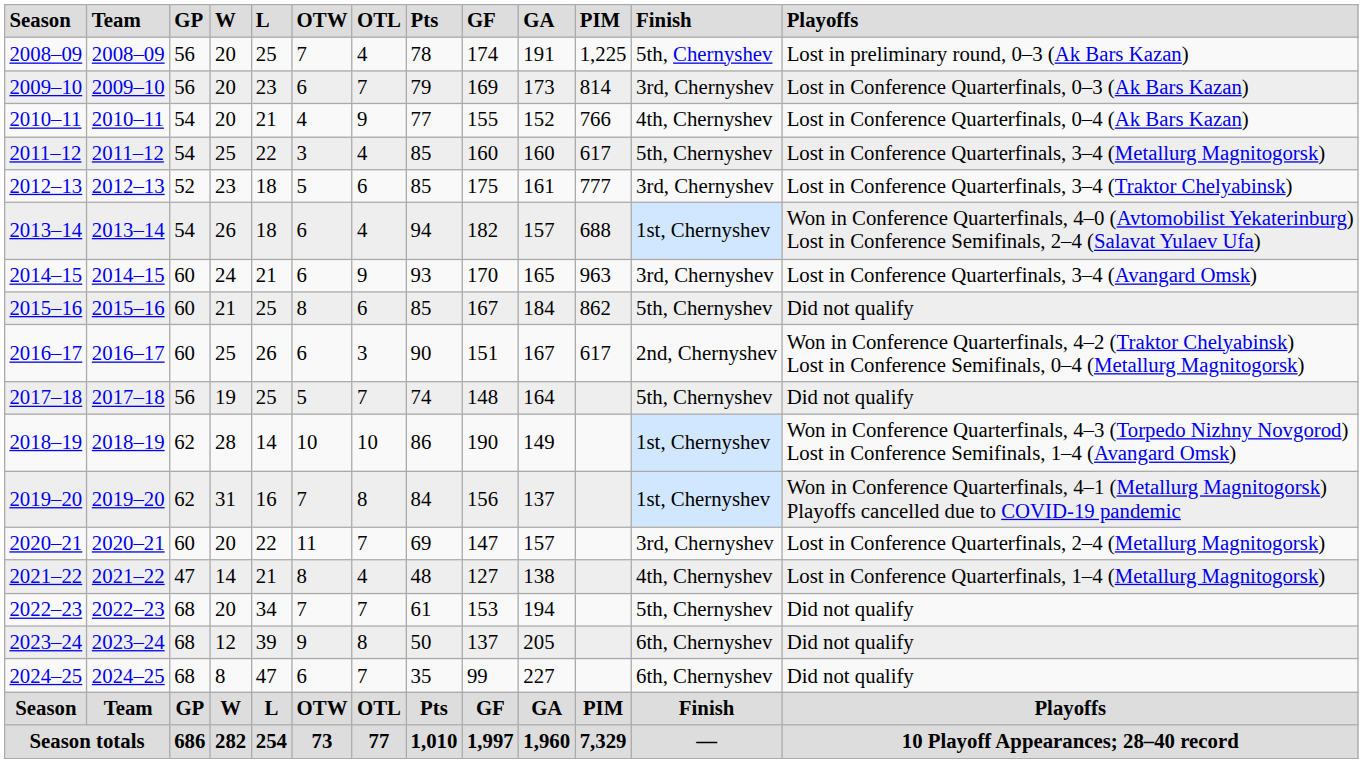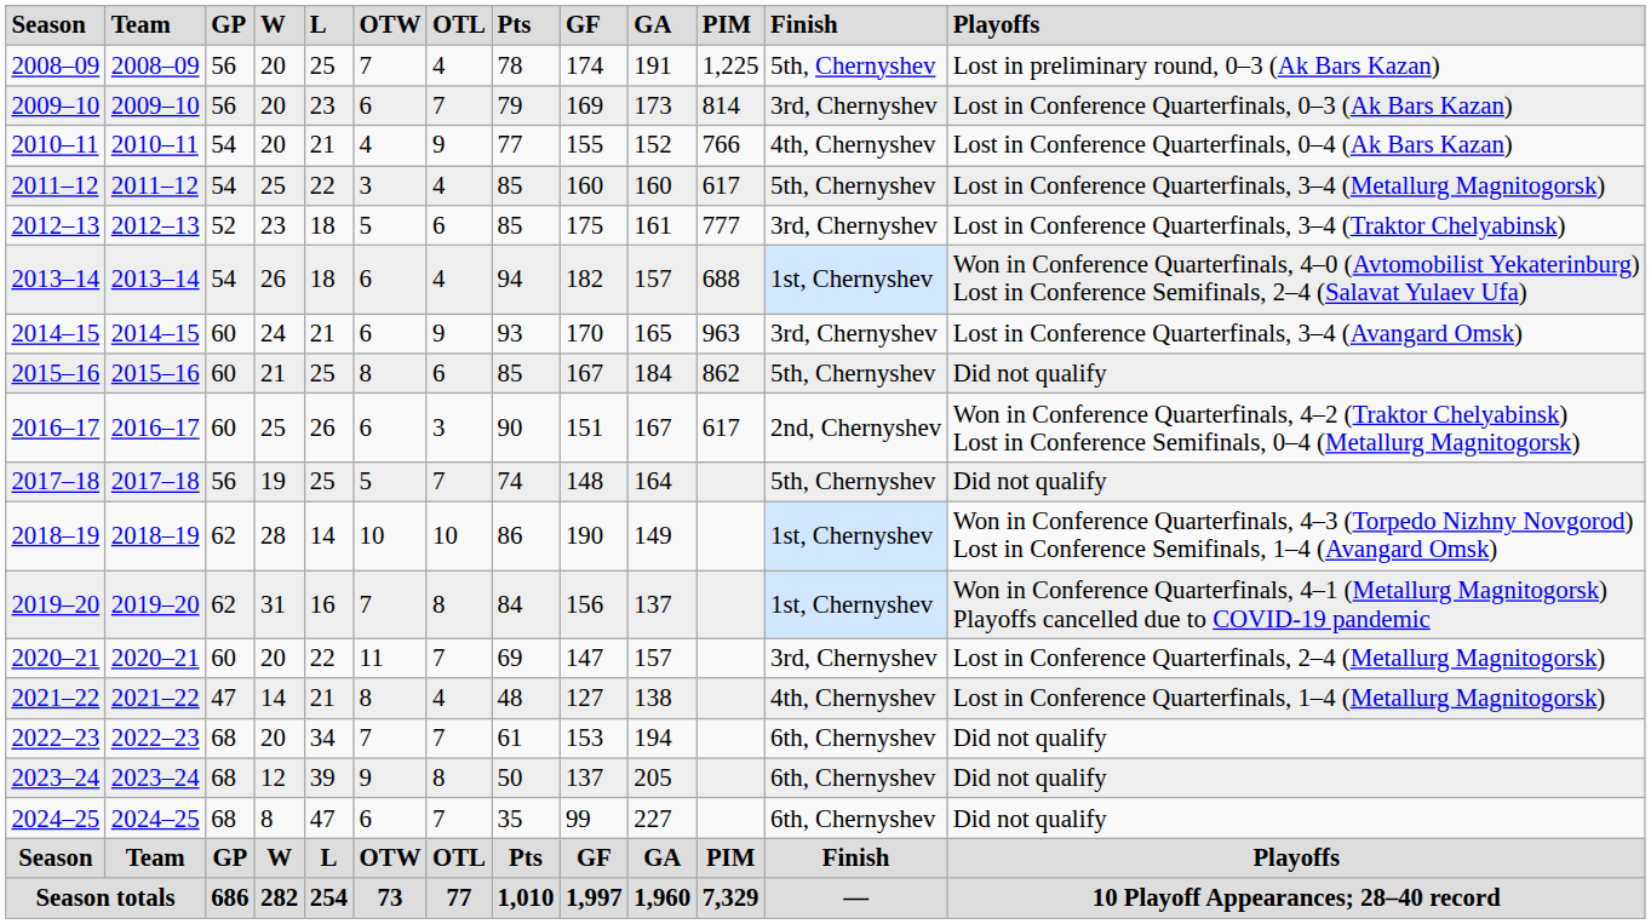 <table class="wikitable">
 <tr style="font-weight:bold; background-color:#dddddd;" |>
 <td><strong>Season</strong></td>
 <td><strong>Team</strong></td>
 <td><strong>GP</strong></td>
 <td><strong>W</strong></td>
 <td><strong>L</strong></td>
 <td><strong>OTW</strong></td>
 <td><strong>OTL</strong></td>
 <td><strong>Pts</strong></td>
 <td><strong>GF</strong></td>
 <td><strong>GA</strong></td>
 <td><strong>PIM</strong></td>
 <td><strong>Finish</strong></td>
 <td><strong>Playoffs</strong></td>
 </tr>
 <tr>
 <td><a href='#'>2008–09</a></td>
 <td><a href='#'>2008–09</a></td>
 <td>56</td>
 <td>20</td>
 <td>25</td>
 <td>7</td>
 <td>4</td>
 <td>78</td>
 <td>174</td>
 <td>191</td>
 <td>1,225</td>
 <td>5th, <a href='#'>Chernyshev</a></td>
 <td>Lost in preliminary round, 0–3 (<a href='#'>Ak Bars Kazan</a>)</td>
 </tr>
 <tr bgcolor="#eeeeee">
 <td><a href='#'>2009–10</a></td>
 <td><a href='#'>2009–10</a></td>
 <td>56</td>
 <td>20</td>
 <td>23</td>
 <td>6</td>
 <td>7</td>
 <td>79</td>
 <td>169</td>
 <td>173</td>
 <td>814</td>
 <td>3rd, Chernyshev</td>
 <td>Lost in Conference Quarterfinals, 0–3 (<a href='#'>Ak Bars Kazan</a>)</td>
 </tr>
 <tr>
 <td><a href='#'>2010–11</a></td>
 <td><a href='#'>2010–11</a></td>
 <td>54</td>
 <td>20</td>
 <td>21</td>
 <td>4</td>
 <td>9</td>
 <td>77</td>
 <td>155</td>
 <td>152</td>
 <td>766</td>
 <td>4th, Chernyshev</td>
 <td>Lost in Conference Quarterfinals, 0–4 (<a href='#'>Ak Bars Kazan</a>)</td>
 </tr>
 <tr bgcolor="#eeeeee">
 <td><a href='#'>2011–12</a></td>
 <td><a href='#'>2011–12</a></td>
 <td>54</td>
 <td>25</td>
 <td>22</td>
 <td>3</td>
 <td>4</td>
 <td>85</td>
 <td>160</td>
 <td>160</td>
 <td>617</td>
 <td>5th, Chernyshev</td>
 <td>Lost in Conference Quarterfinals, 3–4 (<a href='#'>Metallurg Magnitogorsk</a>)</td>
 </tr>
 <tr>
 <td><a href='#'>2012–13</a></td>
 <td><a href='#'>2012–13</a></td>
 <td>52</td>
 <td>23</td>
 <td>18</td>
 <td>5</td>
 <td>6</td>
 <td>85</td>
 <td>175</td>
 <td>161</td>
 <td>777</td>
 <td>3rd, Chernyshev</td>
 <td>Lost in Conference Quarterfinals, 3–4 (<a href='#'>Traktor Chelyabinsk</a>)</td>
 </tr>
 <tr bgcolor="#eeeeee">
 <td><a href='#'>2013–14</a></td>
 <td><a href='#'>2013–14</a></td>
 <td>54</td>
 <td>26</td>
 <td>18</td>
 <td>6</td>
 <td>4</td>
 <td>94</td>
 <td>182</td>
 <td>157</td>
 <td>688</td>
 <td style="background: #d0e7ff;">1st, Chernyshev</td>
 <td>Won in Conference Quarterfinals, 4–0 (<a href='#'>Avtomobilist Yekaterinburg</a>)<br>Lost in Conference Semifinals, 2–4 (<a href='#'>Salavat Yulaev Ufa</a>)</td>
 </tr>
 <tr>
 <td><a href='#'>2014–15</a></td>
 <td><a href='#'>2014–15</a></td>
 <td>60</td>
 <td>24</td>
 <td>21</td>
 <td>6</td>
 <td>9</td>
 <td>93</td>
 <td>170</td>
 <td>165</td>
 <td>963</td>
 <td>3rd, Chernyshev</td>
 <td>Lost in Conference Quarterfinals, 3–4 (<a href='#'>Avangard Omsk</a>)</td>
 </tr>
 <tr bgcolor="#eeeeee">
 <td><a href='#'>2015–16</a></td>
 <td><a href='#'>2015–16</a></td>
 <td>60</td>
 <td>21</td>
 <td>25</td>
 <td>8</td>
 <td>6</td>
 <td>85</td>
 <td>167</td>
 <td>184</td>
 <td>862</td>
 <td>5th, Chernyshev</td>
 <td>Did not qualify</td>
 </tr>
 <tr>
 <td><a href='#'>2016–17</a></td>
 <td><a href='#'>2016–17</a></td>
 <td>60</td>
 <td>25</td>
 <td>26</td>
 <td>6</td>
 <td>3</td>
 <td>90</td>
 <td>151</td>
 <td>167</td>
 <td>617</td>
 <td>2nd, Chernyshev</td>
 <td>Won in Conference Quarterfinals, 4–2 (<a href='#'>Traktor Chelyabinsk</a>)<br>Lost in Conference Semifinals, 0–4 (<a href='#'>Metallurg Magnitogorsk</a>)</td>
 </tr>
 <tr bgcolor="#eeeeee">
 <td><a href='#'>2017–18</a></td>
 <td><a href='#'>2017–18</a></td>
 <td>56</td>
 <td>19</td>
 <td>25</td>
 <td>5</td>
 <td>7</td>
 <td>74</td>
 <td>148</td>
 <td>164</td>
 <td></td>
 <td>5th, Chernyshev</td>
 <td>Did not qualify</td>
 </tr>
 <tr>
 <td><a href='#'>2018–19</a></td>
 <td><a href='#'>2018–19</a></td>
 <td>62</td>
 <td>28</td>
 <td>14</td>
 <td>10</td>
 <td>10</td>
 <td>86</td>
 <td>190</td>
 <td>149</td>
 <td></td>
 <td style="background: #d0e7ff;">1st, Chernyshev</td>
 <td>Won in Conference Quarterfinals, 4–3 (<a href='#'>Torpedo Nizhny Novgorod</a>)<br>Lost in Conference Semifinals, 1–4 (<a href='#'>Avangard Omsk</a>)</td>
 </tr>
 <tr bgcolor="#eeeeee">
 <td><a href='#'>2019–20</a></td>
 <td><a href='#'>2019–20</a></td>
 <td>62</td>
 <td>31</td>
 <td>16</td>
 <td>7</td>
 <td>8</td>
 <td>84</td>
 <td>156</td>
 <td>137</td>
 <td></td>
 <td style="background: #d0e7ff;">1st, Chernyshev</td>
 <td>Won in Conference Quarterfinals, 4–1 (<a href='#'>Metallurg Magnitogorsk</a>)<br>Playoffs cancelled due to <a href='#'>COVID-19 pandemic</a></td>
 </tr>
 <tr>
 <td><a href='#'>2020–21</a></td>
 <td><a href='#'>2020–21</a></td>
 <td>60</td>
 <td>20</td>
 <td>22</td>
 <td>11</td>
 <td>7</td>
 <td>69</td>
 <td>147</td>
 <td>157</td>
 <td></td>
 <td>3rd, Chernyshev</td>
 <td>Lost in Conference Quarterfinals, 2–4 (<a href='#'>Metallurg Magnitogorsk</a>)</td>
 </tr>
 <tr style="background:#eee;">
 <td><a href='#'>2021–22</a></td>
 <td><a href='#'>2021–22</a></td>
 <td>47</td>
 <td>14</td>
 <td>21</td>
 <td>8</td>
 <td>4</td>
 <td>48</td>
 <td>127</td>
 <td>138</td>
 <td></td>
 <td>4th, Chernyshev</td>
 <td>Lost in Conference Quarterfinals, 1–4 (<a href='#'>Metallurg Magnitogorsk</a>)</td>
 </tr>
 <tr>
 <td><a href='#'>2022–23</a></td>
 <td><a href='#'>2022–23</a></td>
 <td>68</td>
 <td>20</td>
 <td>34</td>
 <td>7</td>
 <td>7</td>
 <td>61</td>
 <td>153</td>
 <td>194</td>
 <td></td>
-<td>5th, Chernyshev</td>
+<td>6th, Chernyshev</td>
 <td>Did not qualify</td>
 </tr>
 <tr style="background:#eee;">
 <td><a href='#'>2023–24</a></td>
 <td><a href='#'>2023–24</a></td>
 <td>68</td>
 <td>12</td>
 <td>39</td>
 <td>9</td>
 <td>8</td>
 <td>50</td>
 <td>137</td>
 <td>205</td>
 <td></td>
 <td>6th, Chernyshev</td>
 <td>Did not qualify</td>
 </tr>
 <tr>
 <td><a href='#'>2024–25</a></td>
 <td><a href='#'>2024–25</a></td>
 <td>68</td>
 <td>8</td>
 <td>47</td>
 <td>6</td>
 <td>7</td>
 <td>35</td>
 <td>99</td>
 <td>227</td>
 <td></td>
 <td>6th, Chernyshev</td>
 <td>Did not qualify</td>
 </tr>
 <tr align="center" style="font-weight:bold; background-color:#dddddd;" |>
 <td><strong>Season</strong></td>
 <td><strong>Team</strong></td>
 <td><strong>GP</strong></td>
 <td><strong>W</strong></td>
 <td><strong>L</strong></td>
 <td><strong>OTW</strong></td>
 <td><strong>OTL</strong></td>
 <td><strong>Pts</strong></td>
 <td><strong>GF</strong></td>
 <td><strong>GA</strong></td>
 <td><strong>PIM</strong></td>
 <td><strong>Finish</strong></td>
 <td><strong>Playoffs</strong></td>
 </tr>
 <tr align="center" style="font-weight:bold; background-color:#dddddd;" |>
 <td colspan="2">Season totals</td>
 <td><strong>686</strong></td>
 <td><strong>282</strong></td>
 <td><strong>254</strong></td>
 <td><strong>73</strong></td>
 <td><strong>77</strong></td>
 <td><strong>1,010</strong></td>
 <td><strong>1,997</strong></td>
 <td><strong>1,960</strong></td>
 <td><strong>7,329</strong></td>
 <td>—</td>
 <td>10 Playoff Appearances; 28–40 record</td>
 </tr>
 </table>
